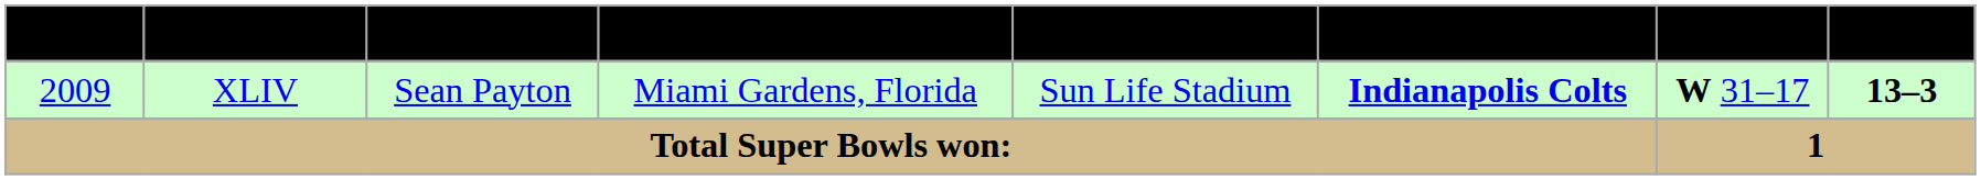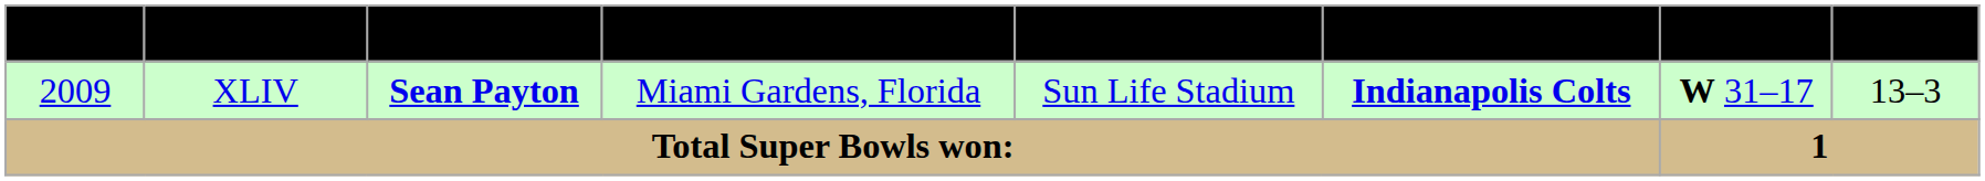 <table class="wikitable" style="width:70%;text-align:center">
 <tr>
 <th style="background:#000"><span>Season</span></th>
 <th style="background:#000"><span>Super Bowl</span></th>
 <th style="background:#000"><span>Head Coach</span></th>
 <th style="background:#000"><span>Location</span></th>
 <th style="background:#000"><span>Stadium</span></th>
 <th style="background:#000"><span>Opponent</span></th>
 <th style="background:#000"><span>Result</span></th>
 <th style="background:#000"><span>Record</span></th>
 </tr>
 <tr style="background:#cfc">
 <td><a href='#'>2009</a></td>
 <td><a href='#'>XLIV</a></td>
-<td><a href='#'>Sean Payton</a></td>
+<td><strong><a href='#'>Sean Payton</a></strong></td>
 <td><a href='#'>Miami Gardens, Florida</a></td>
 <td><a href='#'>Sun Life Stadium</a></td>
 <td><strong><a href='#'>Indianapolis Colts</a></strong></td>
 <td><strong>W</strong> <a href='#'>31–17</a></td>
-<td><strong>13–3</strong></td>
+<td>13–3</td>
 </tr>
 <tr style="background:#D3BC8D">
 <td colspan="6"><span><strong>Total Super Bowls won:</strong></span></td>
 <td colspan="2"><span><strong>1</strong></span></td>
 </tr>
 </table>
